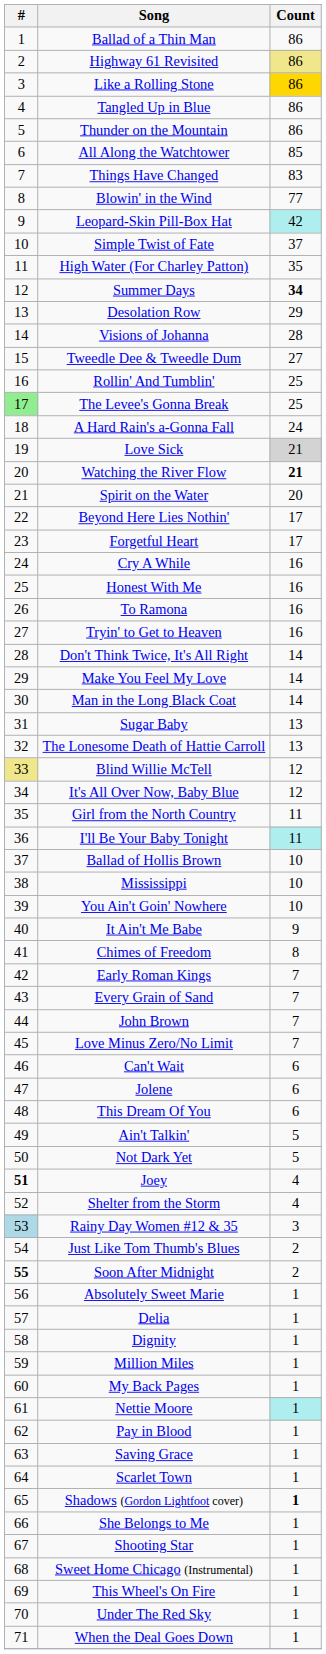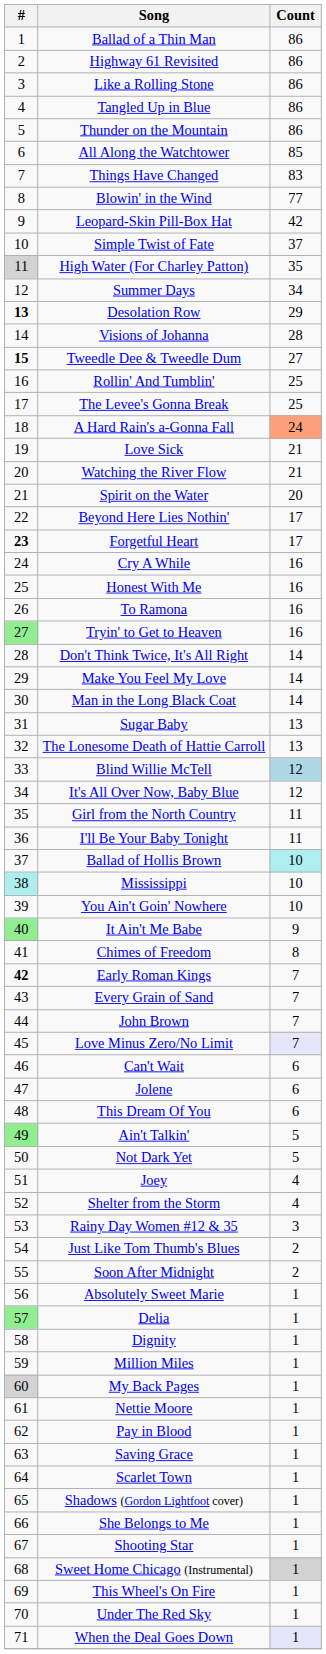 <table class="wikitable" style="text-align:center;">
 <tr>
 <th width="30">#</th>
 <th width="250">Song</th>
 <th width="50">Count</th>
 </tr>
 <tr>
 <td>1</td>
 <td><a href='#'>Ballad of a Thin Man</a></td>
 <td>86</td>
 </tr>
 <tr>
 <td>2</td>
 <td><a href='#'>Highway 61 Revisited</a></td>
-<td style="background: khaki;">86</td>
+<td>86</td>
 </tr>
 <tr>
 <td>3</td>
 <td><a href='#'>Like a Rolling Stone</a></td>
-<td style="background: gold;">86</td>
+<td>86</td>
 </tr>
 <tr>
 <td>4</td>
 <td><a href='#'>Tangled Up in Blue</a></td>
 <td>86</td>
 </tr>
 <tr>
 <td>5</td>
 <td><a href='#'>Thunder on the Mountain</a></td>
 <td>86</td>
 </tr>
 <tr>
 <td>6</td>
 <td><a href='#'>All Along the Watchtower</a></td>
 <td>85</td>
 </tr>
 <tr>
 <td>7</td>
 <td><a href='#'>Things Have Changed</a></td>
 <td>83</td>
 </tr>
 <tr>
 <td>8</td>
 <td><a href='#'>Blowin' in the Wind</a></td>
 <td>77</td>
 </tr>
 <tr>
 <td>9</td>
 <td><a href='#'>Leopard-Skin Pill-Box Hat</a></td>
-<td style="background: paleturquoise;">42</td>
+<td>42</td>
 </tr>
 <tr>
 <td>10</td>
 <td><a href='#'>Simple Twist of Fate</a></td>
 <td>37</td>
 </tr>
 <tr>
-<td>11</td>
+<td style="background: lightgrey;">11</td>
 <td><a href='#'>High Water (For Charley Patton)</a></td>
 <td>35</td>
 </tr>
 <tr>
 <td>12</td>
 <td><a href='#'>Summer Days</a></td>
-<td><strong>34</strong></td>
+<td>34</td>
 </tr>
 <tr>
-<td>13</td>
+<td><strong>13</strong></td>
 <td><a href='#'>Desolation Row</a></td>
 <td>29</td>
 </tr>
 <tr>
 <td>14</td>
 <td><a href='#'>Visions of Johanna</a></td>
 <td>28</td>
 </tr>
 <tr>
-<td>15</td>
+<td><strong>15</strong></td>
 <td><a href='#'>Tweedle Dee & Tweedle Dum</a></td>
 <td>27</td>
 </tr>
 <tr>
 <td>16</td>
 <td><a href='#'>Rollin' And Tumblin'</a></td>
 <td>25</td>
 </tr>
 <tr>
-<td style="background: lightgreen;">17</td>
+<td>17</td>
 <td><a href='#'>The Levee's Gonna Break</a></td>
 <td>25</td>
 </tr>
 <tr>
 <td>18</td>
 <td><a href='#'>A Hard Rain's a-Gonna Fall</a></td>
-<td>24</td>
+<td style="background: lightsalmon;">24</td>
 </tr>
 <tr>
 <td>19</td>
 <td><a href='#'>Love Sick</a></td>
-<td style="background: lightgrey;">21</td>
+<td>21</td>
 </tr>
 <tr>
 <td>20</td>
 <td><a href='#'>Watching the River Flow</a></td>
-<td><strong>21</strong></td>
+<td>21</td>
 </tr>
 <tr>
 <td>21</td>
 <td><a href='#'>Spirit on the Water</a></td>
 <td>20</td>
 </tr>
 <tr>
 <td>22</td>
 <td><a href='#'>Beyond Here Lies Nothin'</a></td>
 <td>17</td>
 </tr>
 <tr>
-<td>23</td>
+<td><strong>23</strong></td>
 <td><a href='#'>Forgetful Heart</a></td>
 <td>17</td>
 </tr>
 <tr>
 <td>24</td>
 <td><a href='#'>Cry A While</a></td>
 <td>16</td>
 </tr>
 <tr>
 <td>25</td>
 <td><a href='#'>Honest With Me</a></td>
 <td>16</td>
 </tr>
 <tr>
 <td>26</td>
 <td><a href='#'>To Ramona</a></td>
 <td>16</td>
 </tr>
 <tr>
-<td>27</td>
+<td style="background: lightgreen;">27</td>
 <td><a href='#'>Tryin' to Get to Heaven</a></td>
 <td>16</td>
 </tr>
 <tr>
 <td>28</td>
 <td><a href='#'>Don't Think Twice, It's All Right</a></td>
 <td>14</td>
 </tr>
 <tr>
 <td>29</td>
 <td><a href='#'>Make You Feel My Love</a></td>
 <td>14</td>
 </tr>
 <tr>
 <td>30</td>
 <td><a href='#'>Man in the Long Black Coat</a></td>
 <td>14</td>
 </tr>
 <tr>
 <td>31</td>
 <td><a href='#'>Sugar Baby</a></td>
 <td>13</td>
 </tr>
 <tr>
 <td>32</td>
 <td><a href='#'>The Lonesome Death of Hattie Carroll</a></td>
 <td>13</td>
 </tr>
 <tr>
-<td style="background: khaki;">33</td>
+<td>33</td>
 <td><a href='#'>Blind Willie McTell</a></td>
-<td>12</td>
+<td style="background: lightblue;">12</td>
 </tr>
 <tr>
 <td>34</td>
 <td><a href='#'>It's All Over Now, Baby Blue</a></td>
 <td>12</td>
 </tr>
 <tr>
 <td>35</td>
 <td><a href='#'>Girl from the North Country</a></td>
 <td>11</td>
 </tr>
 <tr>
 <td>36</td>
 <td><a href='#'>I'll Be Your Baby Tonight</a></td>
-<td style="background: paleturquoise;">11</td>
+<td>11</td>
 </tr>
 <tr>
 <td>37</td>
 <td><a href='#'>Ballad of Hollis Brown</a></td>
-<td>10</td>
+<td style="background: paleturquoise;">10</td>
 </tr>
 <tr>
-<td>38</td>
+<td style="background: paleturquoise;">38</td>
 <td><a href='#'>Mississippi</a></td>
 <td>10</td>
 </tr>
 <tr>
 <td>39</td>
 <td><a href='#'>You Ain't Goin' Nowhere</a></td>
 <td>10</td>
 </tr>
 <tr>
-<td>40</td>
+<td style="background: lightgreen;">40</td>
 <td><a href='#'>It Ain't Me Babe</a></td>
 <td>9</td>
 </tr>
 <tr>
 <td>41</td>
 <td><a href='#'>Chimes of Freedom</a></td>
 <td>8</td>
 </tr>
 <tr>
-<td>42</td>
+<td><strong>42</strong></td>
 <td><a href='#'>Early Roman Kings</a></td>
 <td>7</td>
 </tr>
 <tr>
 <td>43</td>
 <td><a href='#'>Every Grain of Sand</a></td>
 <td>7</td>
 </tr>
 <tr>
 <td>44</td>
 <td><a href='#'>John Brown</a></td>
 <td>7</td>
 </tr>
 <tr>
 <td>45</td>
 <td><a href='#'>Love Minus Zero/No Limit</a></td>
-<td>7</td>
+<td style="background: lavender;">7</td>
 </tr>
 <tr>
 <td>46</td>
 <td><a href='#'>Can't Wait</a></td>
 <td>6</td>
 </tr>
 <tr>
 <td>47</td>
 <td><a href='#'>Jolene</a></td>
 <td>6</td>
 </tr>
 <tr>
 <td>48</td>
 <td><a href='#'>This Dream Of You</a></td>
 <td>6</td>
 </tr>
 <tr>
-<td>49</td>
+<td style="background: lightgreen;">49</td>
 <td><a href='#'>Ain't Talkin'</a></td>
 <td>5</td>
 </tr>
 <tr>
 <td>50</td>
 <td><a href='#'>Not Dark Yet</a></td>
 <td>5</td>
 </tr>
 <tr>
-<td><strong>51</strong></td>
+<td>51</td>
 <td><a href='#'>Joey</a></td>
 <td>4</td>
 </tr>
 <tr>
 <td>52</td>
 <td><a href='#'>Shelter from the Storm</a></td>
 <td>4</td>
 </tr>
 <tr>
-<td style="background: lightblue;">53</td>
+<td>53</td>
 <td><a href='#'>Rainy Day Women #12 & 35</a></td>
 <td>3</td>
 </tr>
 <tr>
 <td>54</td>
 <td><a href='#'>Just Like Tom Thumb's Blues</a></td>
 <td>2</td>
 </tr>
 <tr>
-<td><strong>55</strong></td>
+<td>55</td>
 <td><a href='#'>Soon After Midnight</a></td>
 <td>2</td>
 </tr>
 <tr>
 <td>56</td>
 <td><a href='#'>Absolutely Sweet Marie</a></td>
 <td>1</td>
 </tr>
 <tr>
-<td>57</td>
+<td style="background: lightgreen;">57</td>
 <td><a href='#'>Delia</a></td>
 <td>1</td>
 </tr>
 <tr>
 <td>58</td>
 <td><a href='#'>Dignity</a></td>
 <td>1</td>
 </tr>
 <tr>
 <td>59</td>
 <td><a href='#'>Million Miles</a></td>
 <td>1</td>
 </tr>
 <tr>
-<td>60</td>
+<td style="background: lightgrey;">60</td>
 <td><a href='#'>My Back Pages</a></td>
 <td>1</td>
 </tr>
 <tr>
 <td>61</td>
 <td><a href='#'>Nettie Moore</a></td>
-<td style="background: paleturquoise;">1</td>
+<td>1</td>
 </tr>
 <tr>
 <td>62</td>
 <td><a href='#'>Pay in Blood</a></td>
 <td>1</td>
 </tr>
 <tr>
 <td>63</td>
 <td><a href='#'>Saving Grace</a></td>
 <td>1</td>
 </tr>
 <tr>
 <td>64</td>
 <td><a href='#'>Scarlet Town</a></td>
 <td>1</td>
 </tr>
 <tr>
 <td>65</td>
 <td><a href='#'>Shadows</a> <small>(<a href='#'>Gordon Lightfoot</a> cover)</small></td>
-<td><strong>1</strong></td>
+<td>1</td>
 </tr>
 <tr>
 <td>66</td>
 <td><a href='#'>She Belongs to Me</a></td>
 <td>1</td>
 </tr>
 <tr>
 <td>67</td>
 <td><a href='#'>Shooting Star</a></td>
 <td>1</td>
 </tr>
 <tr>
 <td>68</td>
 <td><a href='#'>Sweet Home Chicago</a> <small>(Instrumental)</small></td>
-<td>1</td>
+<td style="background: lightgrey;">1</td>
 </tr>
 <tr>
 <td>69</td>
 <td><a href='#'>This Wheel's On Fire</a></td>
 <td>1</td>
 </tr>
 <tr>
 <td>70</td>
 <td><a href='#'>Under The Red Sky</a></td>
 <td>1</td>
 </tr>
 <tr>
 <td>71</td>
 <td><a href='#'>When the Deal Goes Down</a></td>
-<td>1</td>
+<td style="background: lavender;">1</td>
 </tr>
 <tr>
 </tr>
 </table>
